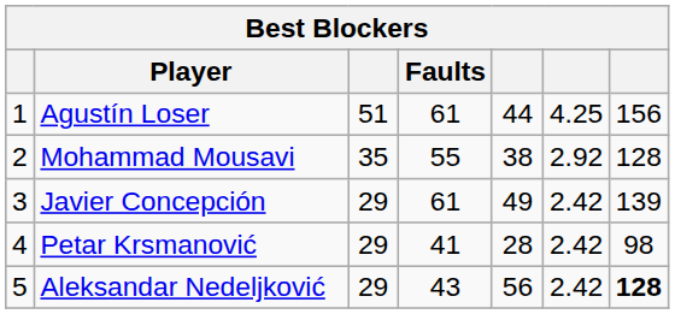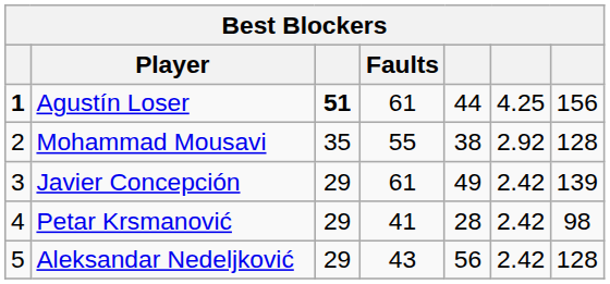 <table class="wikitable sortable" style=font-size:90%>
 <tr>
 <th colspan=7>Best Blockers</th>
 </tr>
 <tr>
 <th></th>
 <th width=158>Player</th>
 <th width=20></th>
 <th width=20>Faults</th>
 <th width=20></th>
 <th width=20></th>
 <th width=20></th>
 </tr>
 <tr>
-<td>1</td>
+<td><strong>1</strong></td>
 <td> <a href='#'>Agustín Loser</a></td>
-<td align=center>51</td>
+<td align=center><strong>51</strong></td>
 <td align=center>61</td>
 <td align=center>44</td>
 <td align=center>4.25</td>
 <td align=center>156</td>
 </tr>
 <tr>
 <td>2</td>
 <td> <a href='#'>Mohammad Mousavi</a></td>
 <td align=center>35</td>
 <td align=center>55</td>
 <td align=center>38</td>
 <td align=center>2.92</td>
 <td align=center>128</td>
 </tr>
 <tr>
 <td>3</td>
 <td> <a href='#'>Javier Concepción</a></td>
 <td align=center>29</td>
 <td align=center>61</td>
 <td align=center>49</td>
 <td align=center>2.42</td>
 <td align=center>139</td>
 </tr>
 <tr>
 <td>4</td>
 <td> <a href='#'>Petar Krsmanović</a></td>
 <td align=center>29</td>
 <td align=center>41</td>
 <td align=center>28</td>
 <td align=center>2.42</td>
 <td align=center>98</td>
 </tr>
 <tr>
 <td>5</td>
 <td> <a href='#'>Aleksandar Nedeljković</a></td>
 <td align=center>29</td>
 <td align=center>43</td>
 <td align=center>56</td>
 <td align=center>2.42</td>
-<td align=center><strong>128</strong></td>
+<td align=center>128</td>
 </tr>
 </table>
